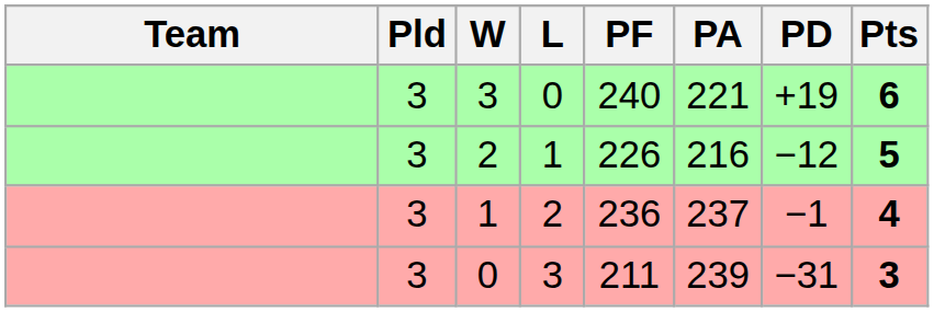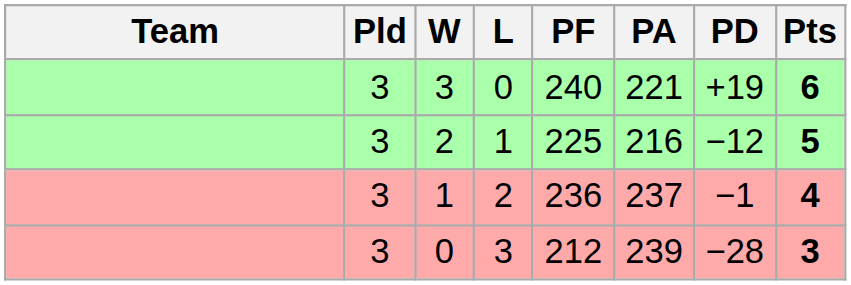 <table class=wikitable>
 <tr align=center>
 </tr>
 <tr>
 <th width=150>Team</th>
 <th width=20>Pld</th>
 <th width=20>W</th>
 <th width=20>L</th>
 <th width=30>PF</th>
 <th width=30>PA</th>
 <th width=30>PD</th>
 <th width=20>Pts</th>
 </tr>
 <tr align=center bgcolor=#aaffaa>
 <td align=left></td>
 <td>3</td>
 <td>3</td>
 <td>0</td>
 <td>240</td>
 <td>221</td>
 <td>+19</td>
 <td><strong>6</strong></td>
 </tr>
 <tr align=center bgcolor=#aaffaa>
 <td align=left></td>
 <td>3</td>
 <td>2</td>
 <td>1</td>
-<td>226</td>
+<td>225</td>
 <td>216</td>
 <td>−12</td>
 <td><strong>5</strong></td>
 </tr>
 <tr align=center bgcolor=#ffaaaa>
 <td align=left></td>
 <td>3</td>
 <td>1</td>
 <td>2</td>
 <td>236</td>
 <td>237</td>
 <td>−1</td>
 <td><strong>4</strong></td>
 </tr>
 <tr align=center bgcolor=#ffaaaa>
 <td align=left></td>
 <td>3</td>
 <td>0</td>
 <td>3</td>
-<td>211</td>
+<td>212</td>
 <td>239</td>
-<td>−31</td>
+<td>−28</td>
 <td><strong>3</strong></td>
 </tr>
 </table>
